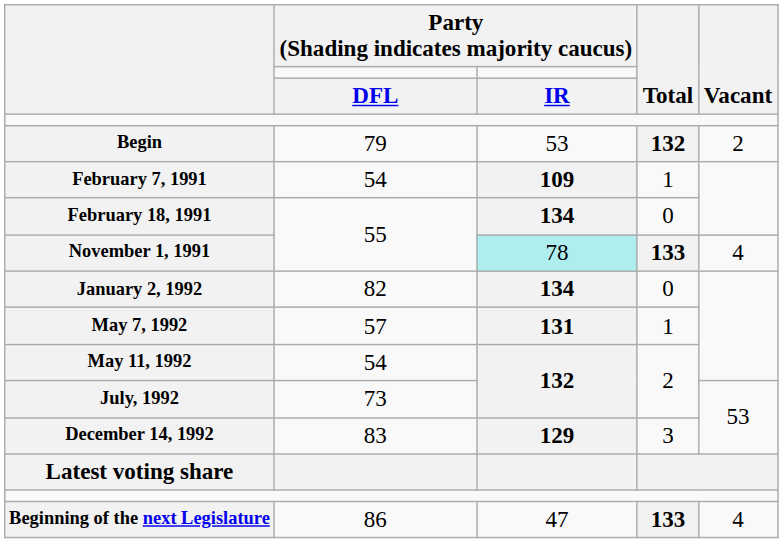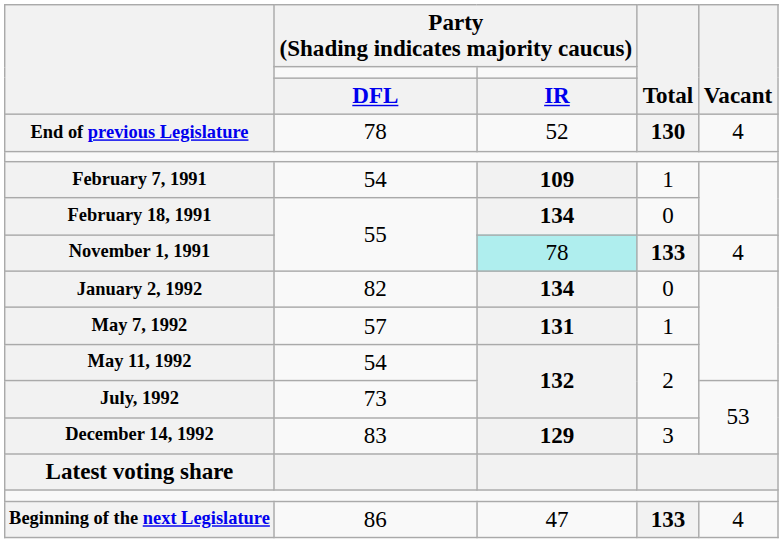 <table class=wikitable style="text-align:center">
 <tr style="vertical-align:bottom;">
 <th rowspan=3></th>
 <th colspan=2>Party <div>(Shading indicates majority caucus)</div></th>
 <th rowspan=3>Total</th>
 <th rowspan=3>Vacant</th>
 </tr>
 <tr style="height:5px">
 <td style="background-color:"></td>
 <td style="background-color:"></td>
 </tr>
 <tr>
 <th><a href='#'>DFL</a></th>
 <th><a href='#'>IR</a></th>
 </tr>
 <tr>
-<td colspan=5></td>
+<th style="white-space:nowrap; font-size:80%;">End of <a href='#'>previous Legislature</a></th>
+<td>78</td>
+<td>52</td>
+<th>130</th>
+<td>4</td>
 </tr>
 <tr>
-<th style="font-size:80%">Begin</th>
-<td>79</td>
-<td>53</td>
-<th>132</th>
-<td>2</td>
+<td colspan=5></td>
 </tr>
 <tr>
 <th style="font-size:80%">February 7, 1991 </th>
 <td>54</td>
 <th>109</th>
 <td>1</td>
 </tr>
 <tr>
 <th style="font-size:80%">February 18, 1991 </th>
 <td rowspan="2">55</td>
 <th>134</th>
 <td>0</td>
 </tr>
 <tr>
 <th style="font-size:80%">November 1, 1991 </th>
 <td style="background: paleturquoise;">78</td>
 <th>133</th>
 <td>4</td>
 </tr>
 <tr>
 <th style="font-size:80%">January 2, 1992 </th>
 <td>82</td>
 <th>134</th>
 <td>0</td>
 </tr>
 <tr>
 <th style="font-size:80%">May 7, 1992 </th>
 <td>57</td>
 <th>131</th>
 <td>1</td>
 </tr>
 <tr>
 <th style="font-size:80%">May 11, 1992 </th>
 <td>54</td>
 <th rowspan="2">132</th>
 <td rowspan="2">2</td>
 </tr>
 <tr>
 <th style="font-size:80%">July, 1992 </th>
 <td>73</td>
 <td rowspan="2">53</td>
 </tr>
 <tr>
 <th style="font-size:80%">December 14, 1992 </th>
 <td>83</td>
 <th>129</th>
 <td>3</td>
 </tr>
 <tr>
 <th>Latest voting share</th>
 <th></th>
 <th></th>
 <th colspan=2></th>
 </tr>
 <tr>
 <td colspan=5></td>
 </tr>
 <tr>
 <th style="white-space:nowrap; font-size:80%;">Beginning of the <a href='#'>next Legislature</a></th>
 <td>86</td>
 <td>47</td>
 <th>133</th>
 <td>4</td>
 </tr>
 </table>
